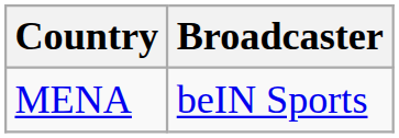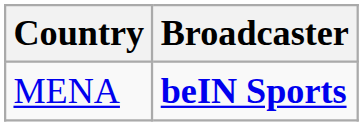 <table class="wikitable">
 <tr>
 <th>Country</th>
 <th>Broadcaster</th>
 </tr>
 <tr>
 <td><a href='#'>MENA</a></td>
-<td><a href='#'>beIN Sports</a></td>
+<td><strong><a href='#'>beIN Sports</a></strong></td>
 </tr>
 </table>
